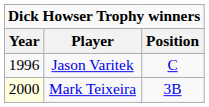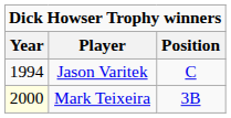 <table class="wikitable">
 <tr>
 <td colspan="3"><strong>Dick Howser Trophy winners</strong></td>
 </tr>
 <tr>
 <th>Year</th>
 <th>Player</th>
 <th>Position</th>
 </tr>
 <tr style="text-align:center;">
-<td>1996</td>
+<td>1994</td>
 <td><a href='#'>Jason Varitek</a></td>
 <td><a href='#'>C</a></td>
 </tr>
 <tr style="text-align:center;">
 <td style="background: lightyellow;">2000</td>
 <td><a href='#'>Mark Teixeira</a></td>
 <td><a href='#'>3B</a></td>
 </tr>
 </table>
